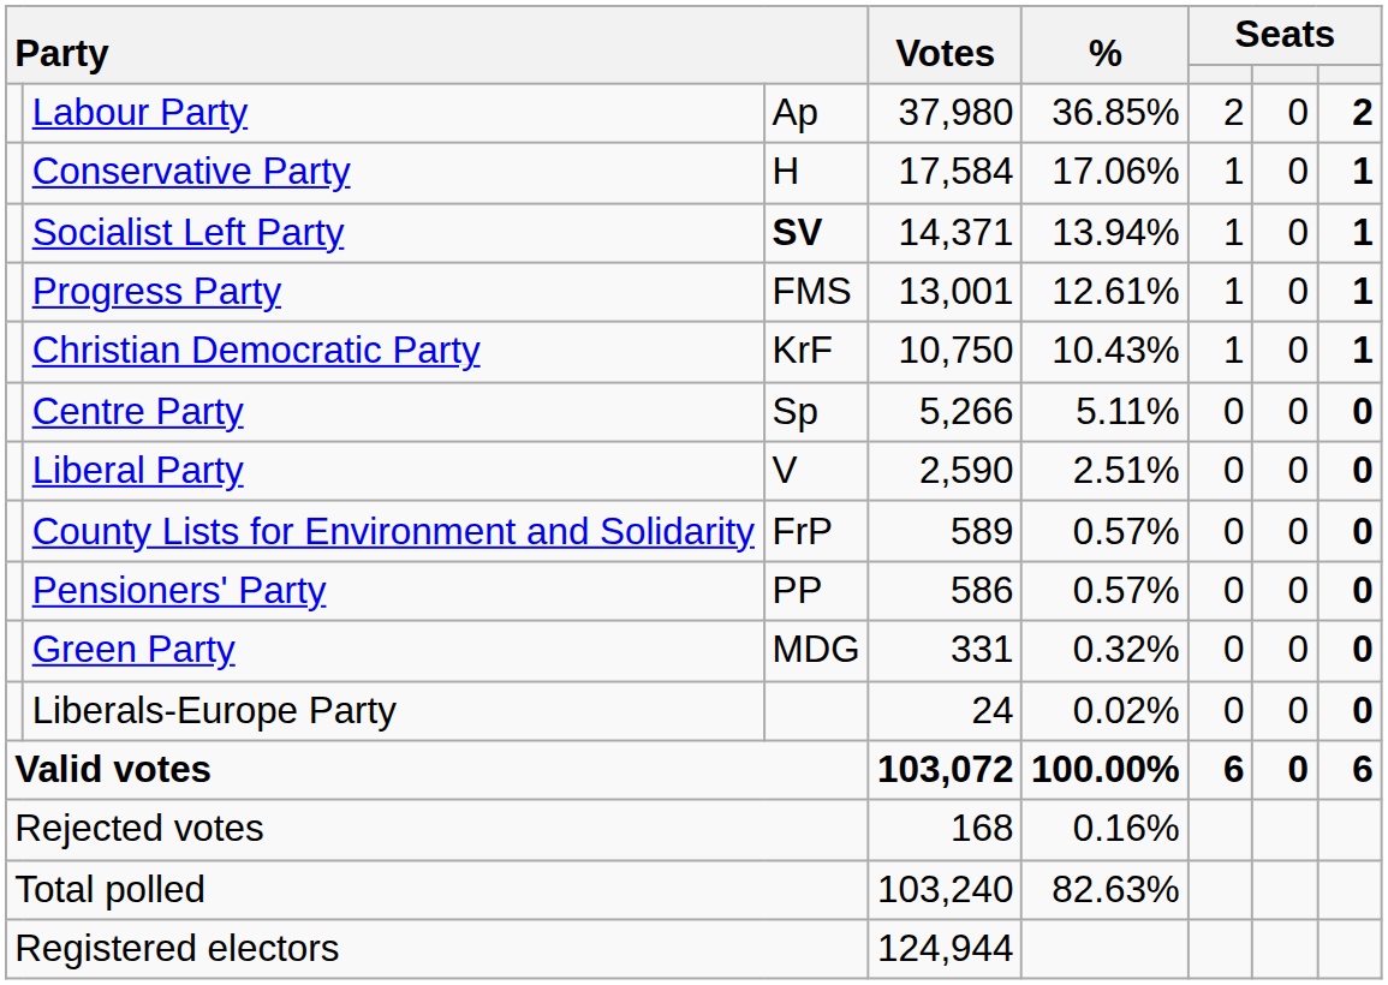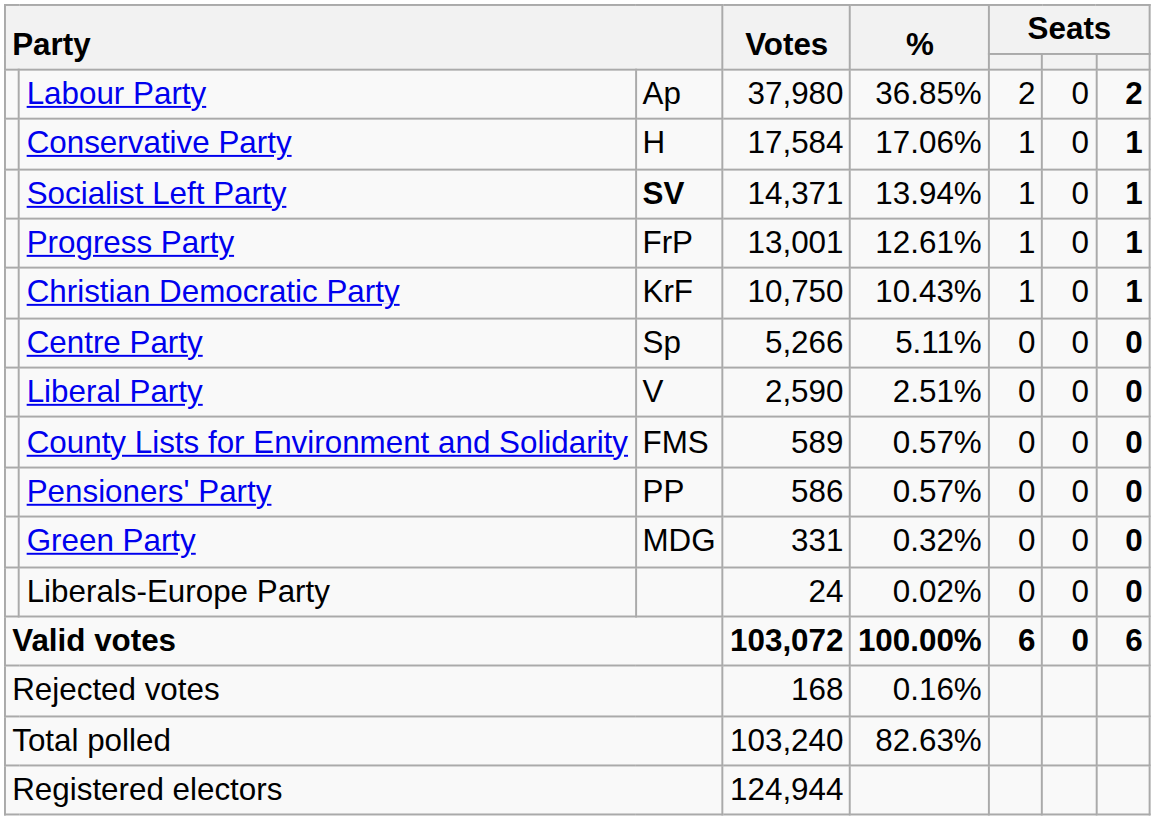 <table class="wikitable" border="1" style="text-align:right;">
 <tr>
 <th style="text-align:left;" valign=bottom rowspan=2 colspan=3>Party</th>
 <th align=center valign=bottom rowspan=2 width="50">Votes</th>
 <th align=center valign=bottom rowspan=2 width="50">%</th>
 <th colspan=3>Seats</th>
 </tr>
 <tr>
 <th align=center valign=bottom width="20"><small></small></th>
 <th align=center valign=bottom width="20"><small><a href='#'></a></small></th>
 <th align=center valign=bottom width="20"><small></small></th>
 </tr>
 <tr>
 <td style="color:inherit;background:"></td>
 <td align=left><a href='#'>Labour Party</a></td>
 <td align=left>Ap</td>
 <td>37,980</td>
 <td>36.85%</td>
 <td>2</td>
 <td>0</td>
 <td><strong>2</strong></td>
 </tr>
 <tr>
 <td style="color:inherit;background:"></td>
 <td align=left><a href='#'>Conservative Party</a></td>
 <td align=left>H</td>
 <td>17,584</td>
 <td>17.06%</td>
 <td>1</td>
 <td>0</td>
 <td><strong>1</strong></td>
 </tr>
 <tr>
 <td style="color:inherit;background:"></td>
 <td align=left><a href='#'>Socialist Left Party</a></td>
 <td align=left><strong>SV</strong></td>
 <td>14,371</td>
 <td>13.94%</td>
 <td>1</td>
 <td>0</td>
 <td><strong>1</strong></td>
 </tr>
 <tr>
 <td style="color:inherit;background:"></td>
 <td align=left><a href='#'>Progress Party</a></td>
-<td align=left>FMS</td>
+<td align=left>FrP</td>
 <td>13,001</td>
 <td>12.61%</td>
 <td>1</td>
 <td>0</td>
 <td><strong>1</strong></td>
 </tr>
 <tr>
 <td style="color:inherit;background:"></td>
 <td align=left><a href='#'>Christian Democratic Party</a></td>
 <td align=left>KrF</td>
 <td>10,750</td>
 <td>10.43%</td>
 <td>1</td>
 <td>0</td>
 <td><strong>1</strong></td>
 </tr>
 <tr>
 <td style="color:inherit;background:"></td>
 <td align=left><a href='#'>Centre Party</a></td>
 <td align=left>Sp</td>
 <td>5,266</td>
 <td>5.11%</td>
 <td>0</td>
 <td>0</td>
 <td><strong>0</strong></td>
 </tr>
 <tr>
 <td style="color:inherit;background:"></td>
 <td align=left><a href='#'>Liberal Party</a></td>
 <td align=left>V</td>
 <td>2,590</td>
 <td>2.51%</td>
 <td>0</td>
 <td>0</td>
 <td><strong>0</strong></td>
 </tr>
 <tr>
 <td></td>
 <td align=left><a href='#'>County Lists for Environment and Solidarity</a></td>
-<td align=left>FrP</td>
+<td align=left>FMS</td>
 <td>589</td>
 <td>0.57%</td>
 <td>0</td>
 <td>0</td>
 <td><strong>0</strong></td>
 </tr>
 <tr>
 <td style="color:inherit;background:"></td>
 <td align=left><a href='#'>Pensioners' Party</a></td>
 <td align=left>PP</td>
 <td>586</td>
 <td>0.57%</td>
 <td>0</td>
 <td>0</td>
 <td><strong>0</strong></td>
 </tr>
 <tr>
 <td style="color:inherit;background:"></td>
 <td align=left><a href='#'>Green Party</a></td>
 <td align=left>MDG</td>
 <td>331</td>
 <td>0.32%</td>
 <td>0</td>
 <td>0</td>
 <td><strong>0</strong></td>
 </tr>
 <tr>
 <td></td>
 <td align=left>Liberals-Europe Party</td>
 <td align=left></td>
 <td>24</td>
 <td>0.02%</td>
 <td>0</td>
 <td>0</td>
 <td><strong>0</strong></td>
 </tr>
 <tr style="font-weight:bold">
 <td align=left colspan=3>Valid votes</td>
 <td>103,072</td>
 <td>100.00%</td>
 <td>6</td>
 <td>0</td>
 <td>6</td>
 </tr>
 <tr>
 <td align=left colspan=3>Rejected votes</td>
 <td>168</td>
 <td>0.16%</td>
 <td></td>
 <td></td>
 <td></td>
 </tr>
 <tr>
 <td align=left colspan=3>Total polled</td>
 <td>103,240</td>
 <td>82.63%</td>
 <td></td>
 <td></td>
 <td></td>
 </tr>
 <tr>
 <td align=left colspan=3>Registered electors</td>
 <td>124,944</td>
 <td></td>
 <td></td>
 <td></td>
 <td></td>
 </tr>
 </table>
